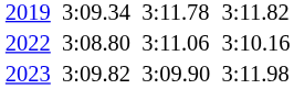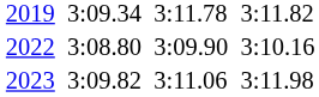 <table>
 <tr>
 <td><a href='#'>2019</a></td>
 <td></td>
 <td>3:09.34 </td>
 <td></td>
 <td>3:11.78 </td>
 <td></td>
 <td>3:11.82 </td>
 </tr>
 <tr>
 <td><a href='#'>2022</a></td>
 <td></td>
 <td>3:08.80 </td>
 <td></td>
-<td>3:11.06 </td>
+<td>3:09.90 </td>
 <td></td>
 <td>3:10.16</td>
 </tr>
 <tr>
 <td><a href='#'>2023</a></td>
 <td></td>
 <td>3:09.82 </td>
 <td></td>
-<td>3:09.90 </td>
+<td>3:11.06 </td>
 <td></td>
 <td>3:11.98 </td>
 </tr>
 </table>
